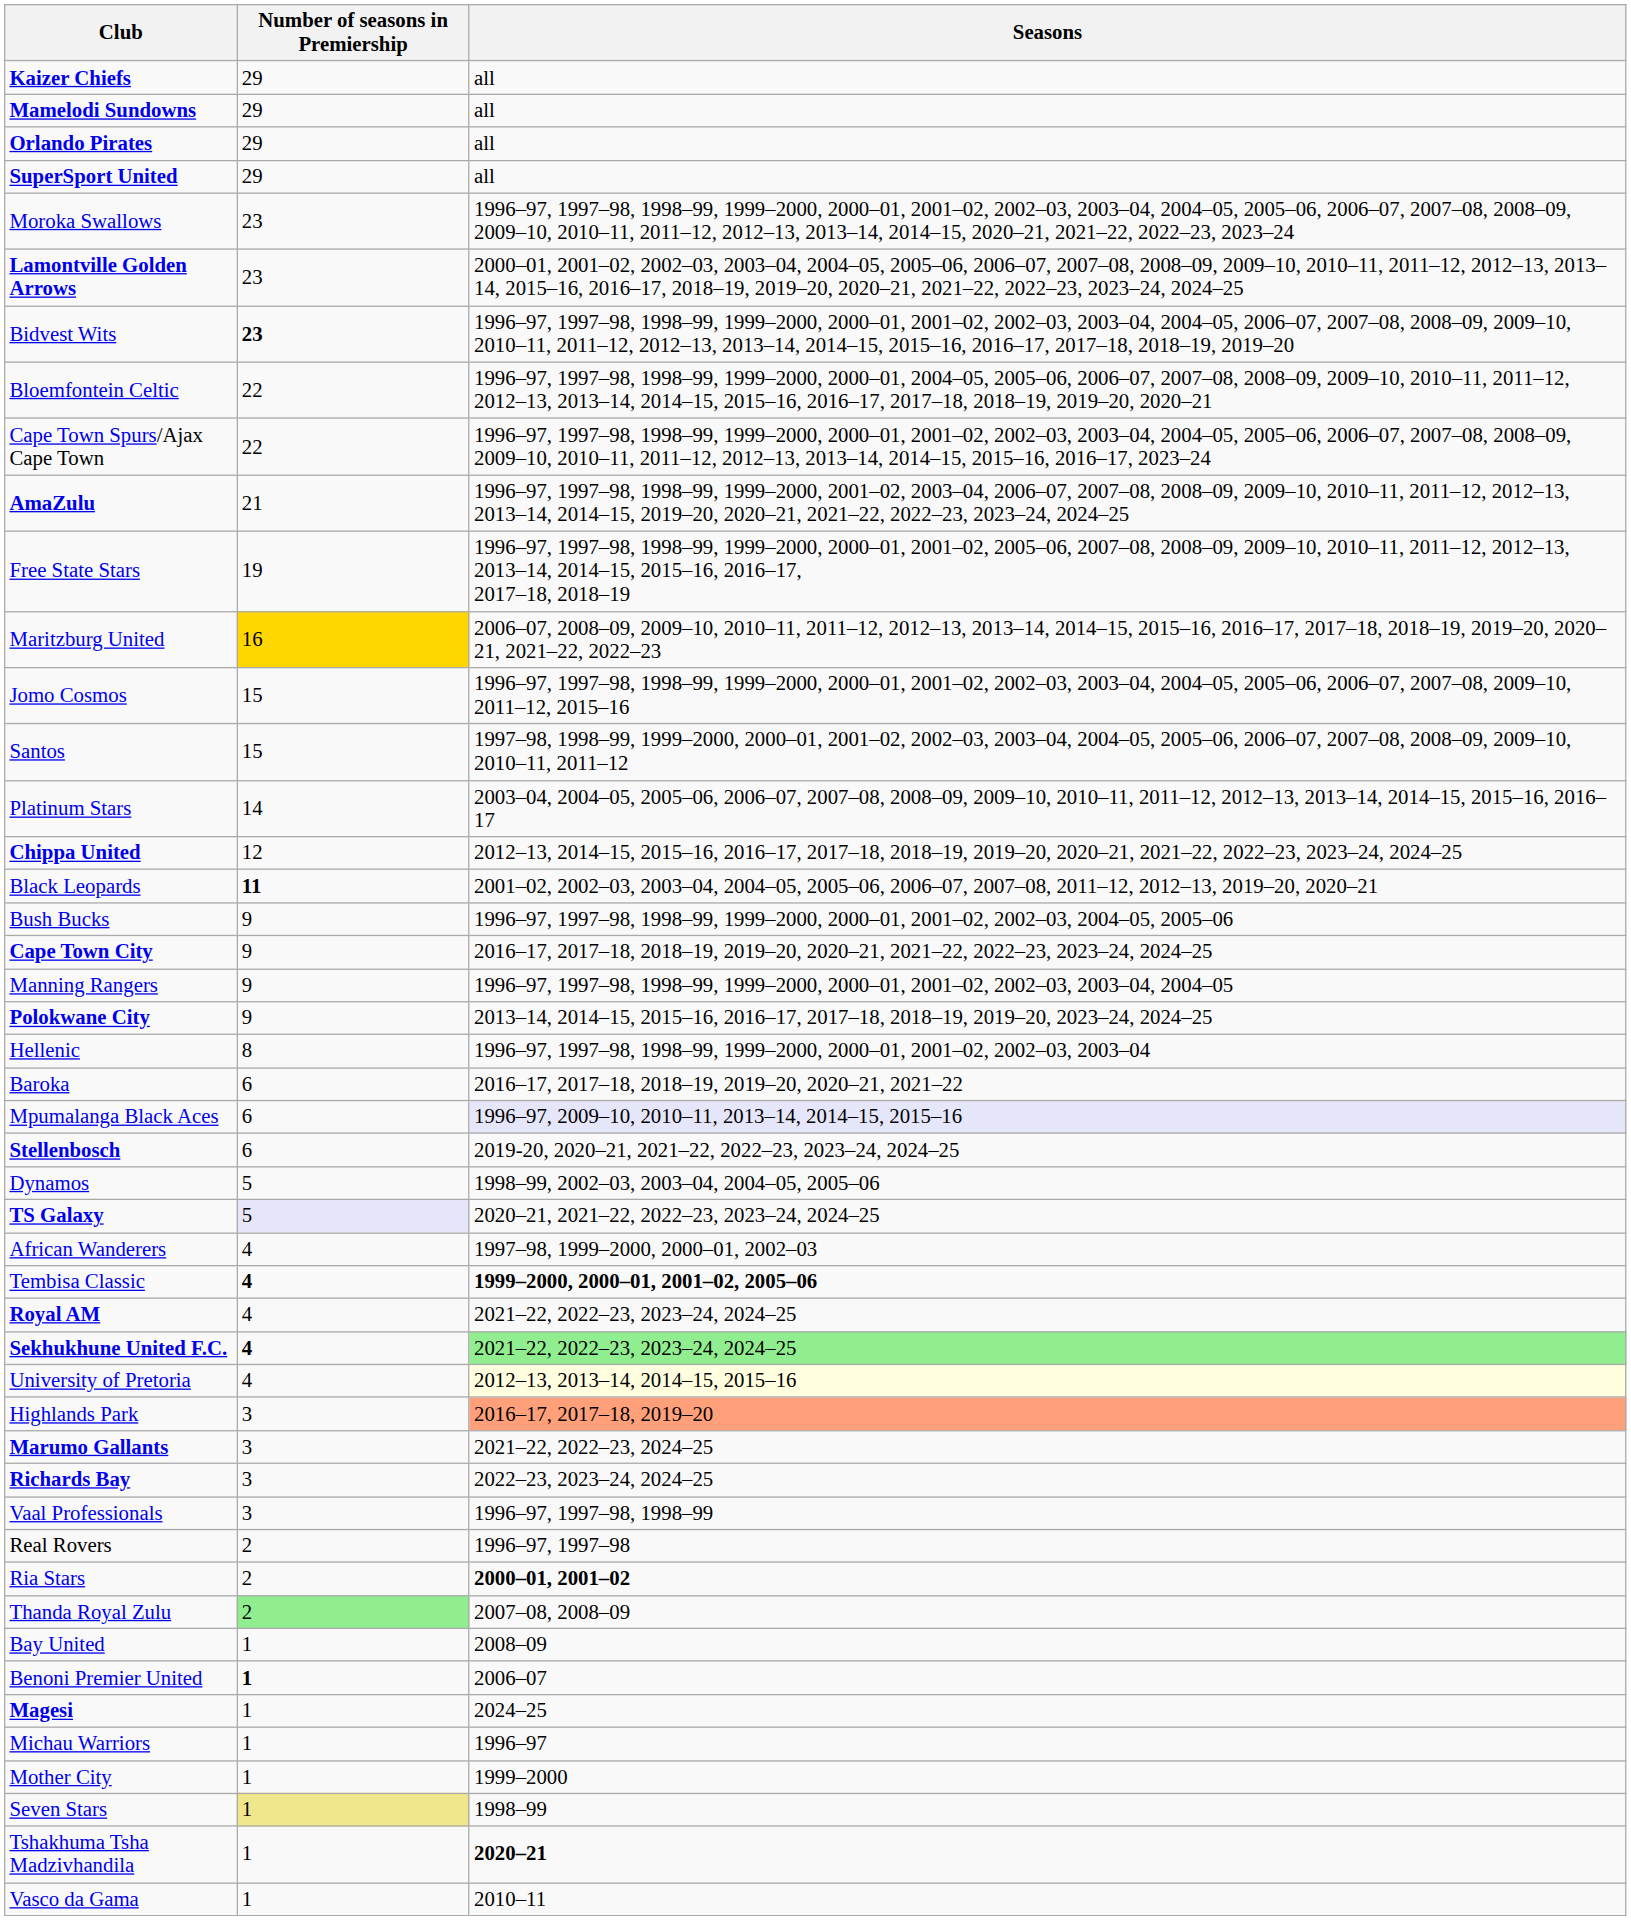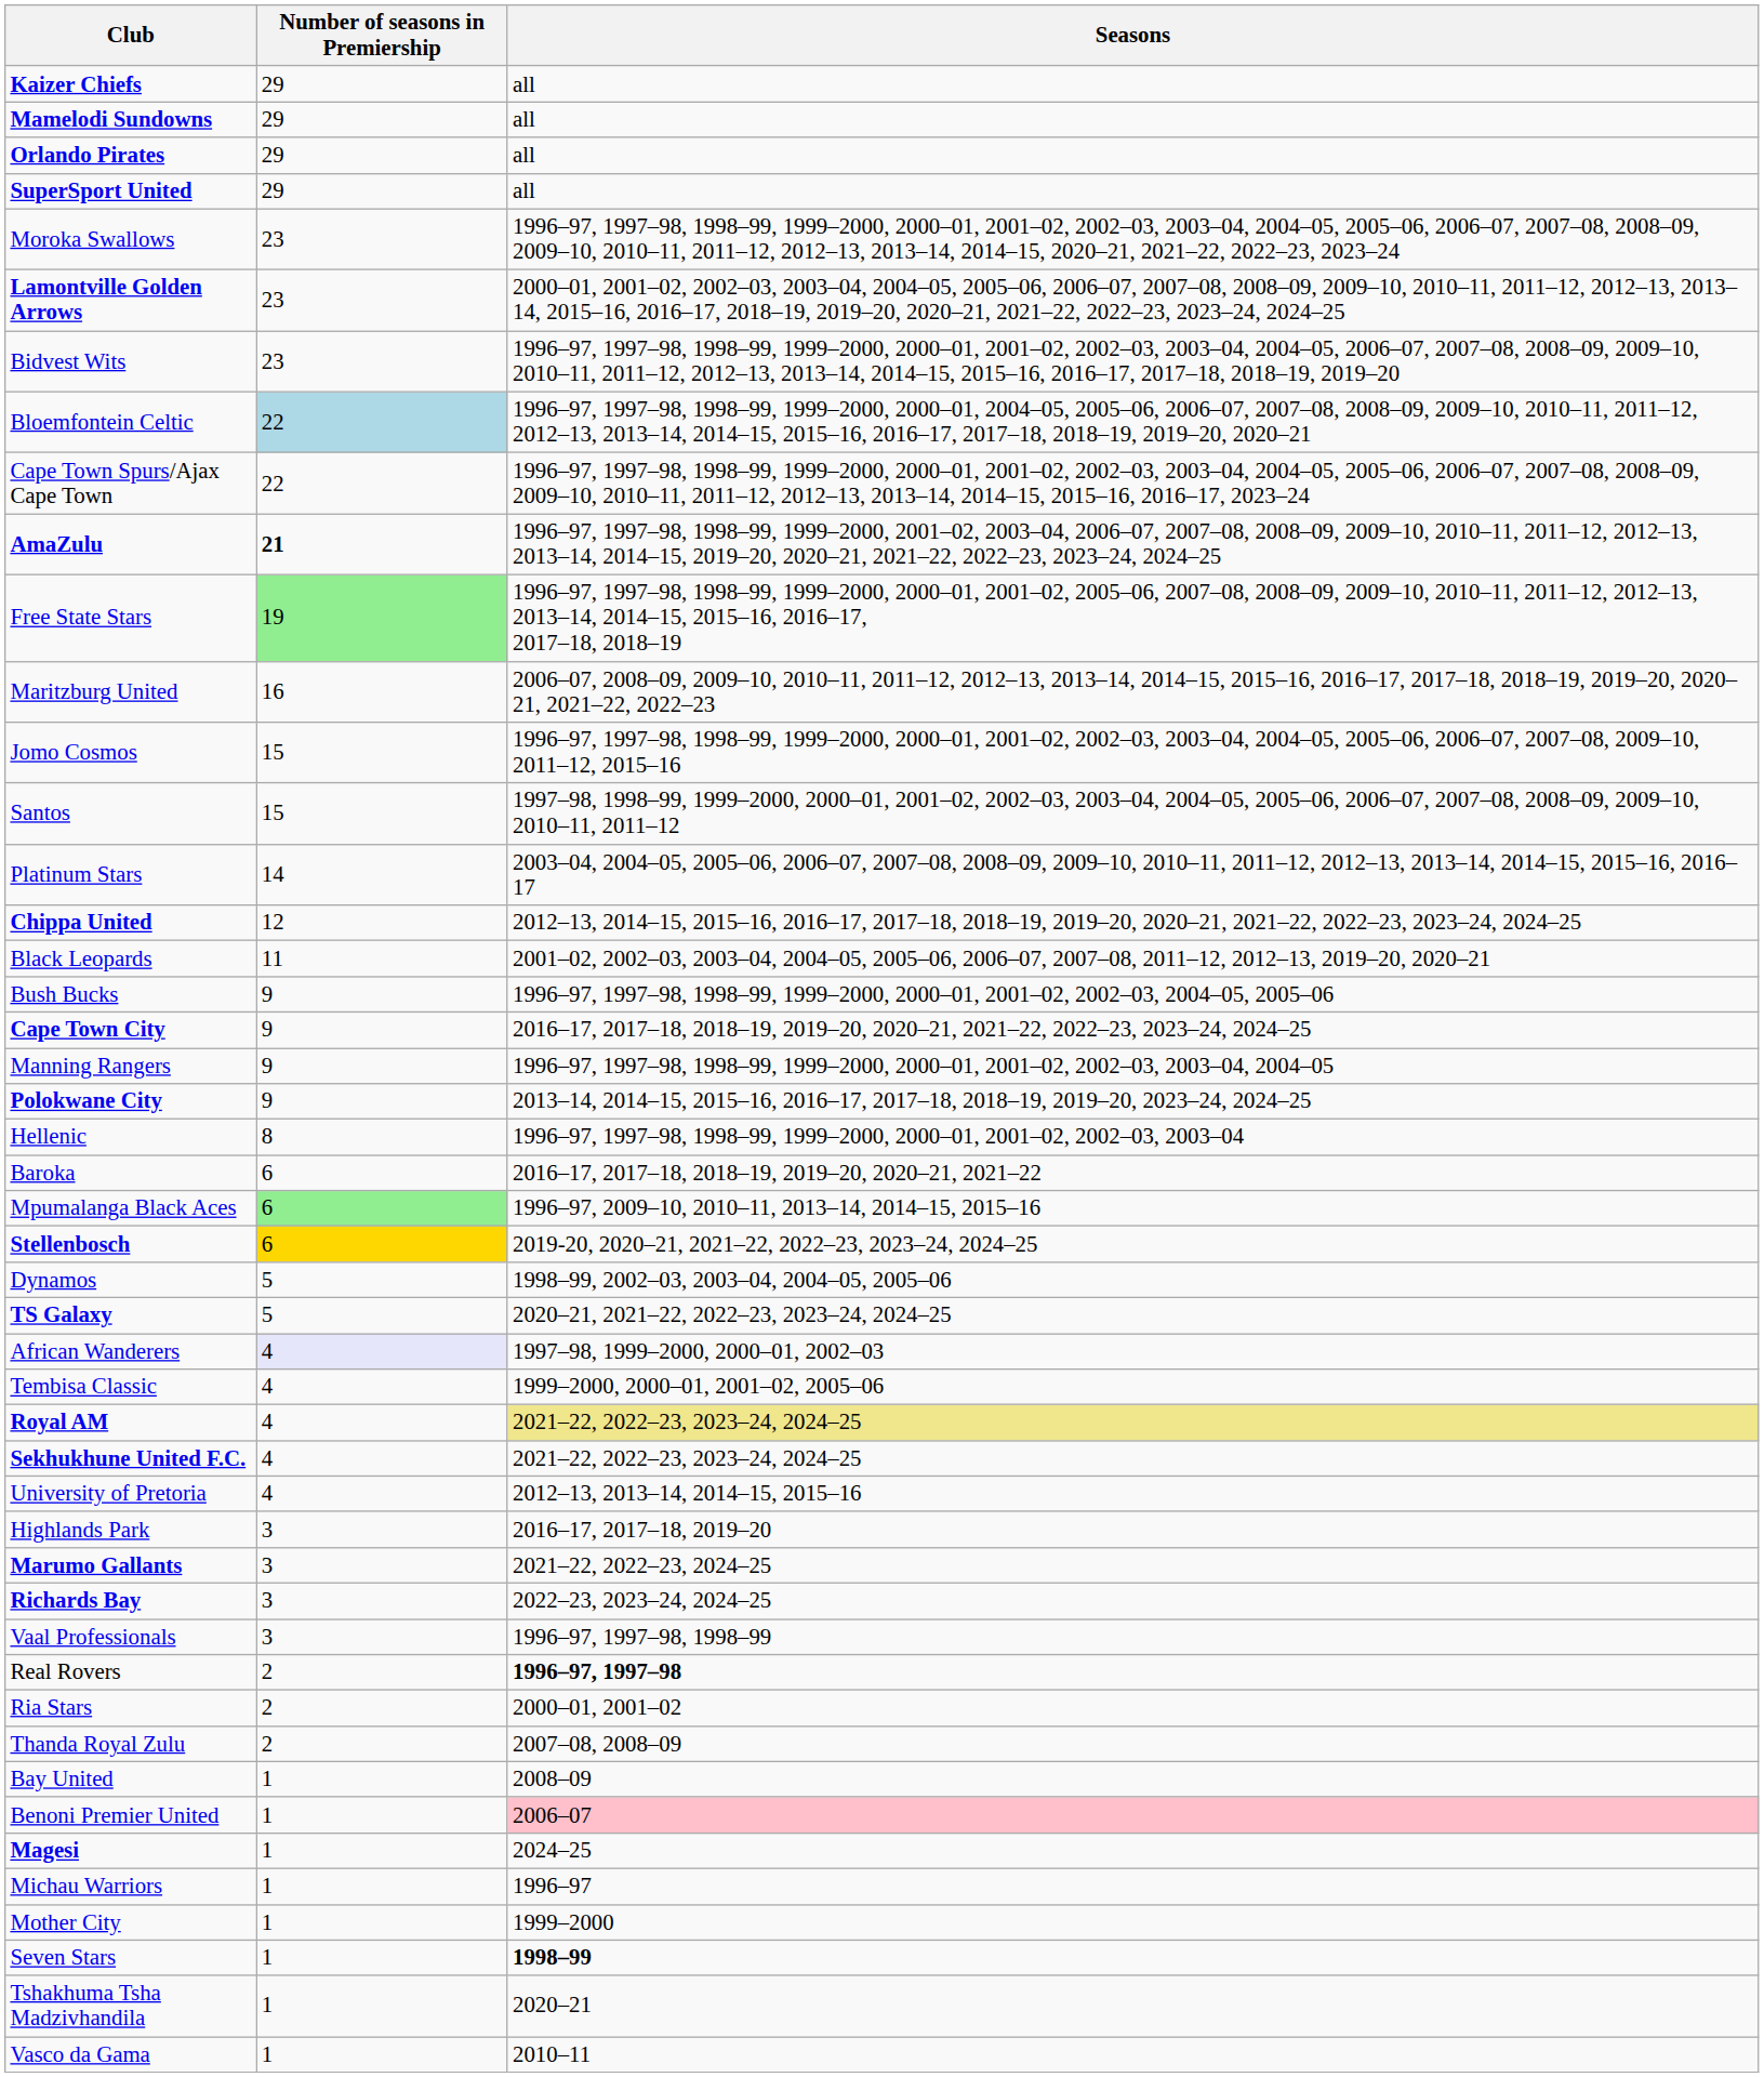 <table class="wikitable sortable">
 <tr>
 <th>Club</th>
 <th>Number of seasons in Premiership</th>
 <th>Seasons</th>
 </tr>
 <tr>
 <td><strong><a href='#'>Kaizer Chiefs</a></strong></td>
 <td>29</td>
 <td>all</td>
 </tr>
 <tr>
 <td><strong><a href='#'>Mamelodi Sundowns</a></strong></td>
 <td>29</td>
 <td>all</td>
 </tr>
 <tr>
 <td><strong><a href='#'>Orlando Pirates</a></strong></td>
 <td>29</td>
 <td>all</td>
 </tr>
 <tr>
 <td><strong><a href='#'>SuperSport United</a></strong></td>
 <td>29</td>
 <td>all</td>
 </tr>
 <tr>
 <td><a href='#'>Moroka Swallows</a></td>
 <td>23</td>
 <td>1996–97, 1997–98, 1998–99, 1999–2000, 2000–01, 2001–02, 2002–03, 2003–04, 2004–05, 2005–06, 2006–07, 2007–08, 2008–09, 2009–10, 2010–11, 2011–12, 2012–13, 2013–14, 2014–15, 2020–21, 2021–22, 2022–23, 2023–24</td>
 </tr>
 <tr>
 <td><strong><a href='#'>Lamontville Golden Arrows</a></strong></td>
 <td>23</td>
 <td>2000–01, 2001–02, 2002–03, 2003–04, 2004–05, 2005–06, 2006–07, 2007–08, 2008–09, 2009–10, 2010–11, 2011–12, 2012–13, 2013–14, 2015–16, 2016–17, 2018–19, 2019–20, 2020–21, 2021–22, 2022–23, 2023–24, 2024–25</td>
 </tr>
 <tr>
 <td><a href='#'>Bidvest Wits</a></td>
-<td><strong>23</strong></td>
+<td>23</td>
 <td>1996–97, 1997–98, 1998–99, 1999–2000, 2000–01, 2001–02, 2002–03, 2003–04, 2004–05, 2006–07, 2007–08, 2008–09, 2009–10, 2010–11, 2011–12, 2012–13, 2013–14, 2014–15, 2015–16, 2016–17, 2017–18, 2018–19, 2019–20</td>
 </tr>
 <tr>
 <td><a href='#'>Bloemfontein Celtic</a></td>
-<td>22</td>
+<td style="background: lightblue;">22</td>
 <td>1996–97, 1997–98, 1998–99, 1999–2000, 2000–01, 2004–05, 2005–06, 2006–07, 2007–08, 2008–09, 2009–10, 2010–11, 2011–12, 2012–13, 2013–14, 2014–15, 2015–16, 2016–17, 2017–18, 2018–19, 2019–20, 2020–21</td>
 </tr>
 <tr>
 <td><a href='#'>Cape Town Spurs</a>/Ajax Cape Town</td>
 <td>22</td>
 <td>1996–97, 1997–98, 1998–99, 1999–2000, 2000–01, 2001–02, 2002–03, 2003–04, 2004–05, 2005–06, 2006–07, 2007–08, 2008–09, 2009–10, 2010–11, 2011–12, 2012–13, 2013–14, 2014–15, 2015–16, 2016–17, 2023–24</td>
 </tr>
 <tr>
 <td><strong><a href='#'>AmaZulu</a></strong></td>
-<td>21</td>
+<td><strong>21</strong></td>
 <td>1996–97, 1997–98, 1998–99, 1999–2000, 2001–02, 2003–04, 2006–07, 2007–08, 2008–09, 2009–10, 2010–11, 2011–12, 2012–13, 2013–14, 2014–15, 2019–20, 2020–21, 2021–22, 2022–23, 2023–24, 2024–25</td>
 </tr>
 <tr>
 <td><a href='#'>Free State Stars</a></td>
-<td>19</td>
+<td style="background: lightgreen;">19</td>
 <td>1996–97, 1997–98, 1998–99, 1999–2000, 2000–01, 2001–02, 2005–06, 2007–08, 2008–09, 2009–10, 2010–11, 2011–12, 2012–13, 2013–14, 2014–15, 2015–16, 2016–17,<br>2017–18, 2018–19</td>
 </tr>
 <tr>
 <td><a href='#'>Maritzburg United</a></td>
-<td style="background: gold;">16</td>
+<td>16</td>
 <td>2006–07, 2008–09, 2009–10, 2010–11, 2011–12, 2012–13, 2013–14, 2014–15, 2015–16, 2016–17, 2017–18, 2018–19, 2019–20, 2020–21, 2021–22, 2022–23</td>
 </tr>
 <tr>
 <td><a href='#'>Jomo Cosmos</a></td>
 <td>15</td>
 <td>1996–97, 1997–98, 1998–99, 1999–2000, 2000–01, 2001–02, 2002–03, 2003–04, 2004–05, 2005–06, 2006–07, 2007–08, 2009–10, 2011–12, 2015–16</td>
 </tr>
 <tr>
 <td><a href='#'>Santos</a></td>
 <td>15</td>
 <td>1997–98, 1998–99, 1999–2000, 2000–01, 2001–02, 2002–03, 2003–04, 2004–05, 2005–06, 2006–07, 2007–08, 2008–09, 2009–10, 2010–11, 2011–12</td>
 </tr>
 <tr>
 <td><a href='#'>Platinum Stars</a></td>
 <td>14</td>
 <td>2003–04, 2004–05, 2005–06, 2006–07, 2007–08, 2008–09, 2009–10, 2010–11, 2011–12, 2012–13, 2013–14, 2014–15, 2015–16, 2016–17</td>
 </tr>
 <tr>
 <td><strong><a href='#'>Chippa United</a></strong></td>
 <td>12</td>
 <td>2012–13, 2014–15, 2015–16, 2016–17, 2017–18, 2018–19, 2019–20, 2020–21, 2021–22, 2022–23, 2023–24, 2024–25</td>
 </tr>
 <tr>
 <td><a href='#'>Black Leopards</a></td>
-<td><strong>11</strong></td>
+<td>11</td>
 <td>2001–02, 2002–03, 2003–04, 2004–05, 2005–06, 2006–07, 2007–08, 2011–12, 2012–13, 2019–20, 2020–21</td>
 </tr>
 <tr>
 <td><a href='#'>Bush Bucks</a></td>
 <td>9</td>
 <td>1996–97, 1997–98, 1998–99, 1999–2000, 2000–01, 2001–02, 2002–03, 2004–05, 2005–06</td>
 </tr>
 <tr>
 <td><strong><a href='#'>Cape Town City</a></strong></td>
 <td>9</td>
 <td>2016–17, 2017–18, 2018–19, 2019–20, 2020–21, 2021–22, 2022–23, 2023–24, 2024–25</td>
 </tr>
 <tr>
 <td><a href='#'>Manning Rangers</a></td>
 <td>9</td>
 <td>1996–97, 1997–98, 1998–99, 1999–2000, 2000–01, 2001–02, 2002–03, 2003–04, 2004–05</td>
 </tr>
 <tr>
 <td><strong><a href='#'>Polokwane City</a></strong></td>
 <td>9</td>
 <td>2013–14, 2014–15, 2015–16, 2016–17, 2017–18, 2018–19, 2019–20, 2023–24, 2024–25</td>
 </tr>
 <tr>
 <td><a href='#'>Hellenic</a></td>
 <td>8</td>
 <td>1996–97, 1997–98, 1998–99, 1999–2000, 2000–01, 2001–02, 2002–03, 2003–04</td>
 </tr>
 <tr>
 <td><a href='#'>Baroka</a></td>
 <td>6</td>
 <td>2016–17, 2017–18, 2018–19, 2019–20, 2020–21, 2021–22</td>
 </tr>
 <tr>
 <td><a href='#'>Mpumalanga Black Aces</a></td>
-<td>6</td>
-<td style="background: lavender;">1996–97, 2009–10, 2010–11, 2013–14, 2014–15, 2015–16</td>
+<td style="background: lightgreen;">6</td>
+<td>1996–97, 2009–10, 2010–11, 2013–14, 2014–15, 2015–16</td>
 </tr>
 <tr>
 <td><strong><a href='#'>Stellenbosch</a></strong></td>
-<td>6</td>
+<td style="background: gold;">6</td>
 <td>2019-20, 2020–21, 2021–22, 2022–23, 2023–24, 2024–25</td>
 </tr>
 <tr>
 <td><a href='#'>Dynamos</a></td>
 <td>5</td>
 <td>1998–99, 2002–03, 2003–04, 2004–05, 2005–06</td>
 </tr>
 <tr>
 <td><strong><a href='#'>TS Galaxy</a></strong></td>
-<td style="background: lavender;">5</td>
+<td>5</td>
 <td>2020–21, 2021–22, 2022–23, 2023–24, 2024–25</td>
 </tr>
 <tr>
 <td><a href='#'>African Wanderers</a></td>
-<td>4</td>
+<td style="background: lavender;">4</td>
 <td>1997–98, 1999–2000, 2000–01, 2002–03</td>
 </tr>
 <tr>
 <td><a href='#'>Tembisa Classic</a></td>
-<td><strong>4</strong></td>
-<td><strong>1999–2000, 2000–01, 2001–02, 2005–06</strong></td>
+<td>4</td>
+<td>1999–2000, 2000–01, 2001–02, 2005–06</td>
 </tr>
 <tr>
 <td><strong><a href='#'>Royal AM</a></strong></td>
 <td>4</td>
-<td>2021–22, 2022–23, 2023–24, 2024–25</td>
+<td style="background: khaki;">2021–22, 2022–23, 2023–24, 2024–25</td>
 </tr>
 <tr>
 <td><strong><a href='#'>Sekhukhune United F.C.</a></strong></td>
-<td><strong>4</strong></td>
-<td style="background: lightgreen;">2021–22, 2022–23, 2023–24, 2024–25</td>
+<td>4</td>
+<td>2021–22, 2022–23, 2023–24, 2024–25</td>
 </tr>
 <tr>
 <td><a href='#'>University of Pretoria</a></td>
 <td>4</td>
-<td style="background: lightyellow;">2012–13, 2013–14, 2014–15, 2015–16</td>
+<td>2012–13, 2013–14, 2014–15, 2015–16</td>
 </tr>
 <tr>
 <td><a href='#'>Highlands Park</a></td>
 <td>3</td>
-<td style="background: lightsalmon;">2016–17, 2017–18, 2019–20</td>
+<td>2016–17, 2017–18, 2019–20</td>
 </tr>
 <tr>
 <td><strong><a href='#'>Marumo Gallants</a></strong></td>
 <td>3</td>
 <td>2021–22, 2022–23, 2024–25</td>
 </tr>
 <tr>
 <td><strong><a href='#'>Richards Bay</a></strong></td>
 <td>3</td>
 <td>2022–23, 2023–24, 2024–25</td>
 </tr>
 <tr>
 <td><a href='#'>Vaal Professionals</a></td>
 <td>3</td>
 <td>1996–97, 1997–98, 1998–99</td>
 </tr>
 <tr>
 <td>Real Rovers</td>
 <td>2</td>
-<td>1996–97, 1997–98</td>
+<td><strong>1996–97, 1997–98</strong></td>
 </tr>
 <tr>
 <td><a href='#'>Ria Stars</a></td>
 <td>2</td>
-<td><strong>2000–01, 2001–02</strong></td>
+<td>2000–01, 2001–02</td>
 </tr>
 <tr>
 <td><a href='#'>Thanda Royal Zulu</a></td>
-<td style="background: lightgreen;">2</td>
+<td>2</td>
 <td>2007–08, 2008–09</td>
 </tr>
 <tr>
 <td><a href='#'>Bay United</a></td>
 <td>1</td>
 <td>2008–09</td>
 </tr>
 <tr>
 <td><a href='#'>Benoni Premier United</a></td>
-<td><strong>1</strong></td>
-<td>2006–07</td>
+<td>1</td>
+<td style="background: pink;">2006–07</td>
 </tr>
 <tr>
 <td><strong><a href='#'>Magesi</a></strong></td>
 <td>1</td>
 <td>2024–25</td>
 </tr>
 <tr>
 <td><a href='#'>Michau Warriors</a></td>
 <td>1</td>
 <td>1996–97</td>
 </tr>
 <tr>
 <td><a href='#'>Mother City</a></td>
 <td>1</td>
 <td>1999–2000</td>
 </tr>
 <tr>
 <td><a href='#'>Seven Stars</a></td>
-<td style="background: khaki;">1</td>
-<td>1998–99</td>
+<td>1</td>
+<td><strong>1998–99</strong></td>
 </tr>
 <tr>
 <td><a href='#'>Tshakhuma Tsha Madzivhandila</a></td>
 <td>1</td>
-<td><strong>2020–21</strong></td>
+<td>2020–21</td>
 </tr>
 <tr>
 <td><a href='#'>Vasco da Gama</a></td>
 <td>1</td>
 <td>2010–11</td>
 </tr>
 </table>
